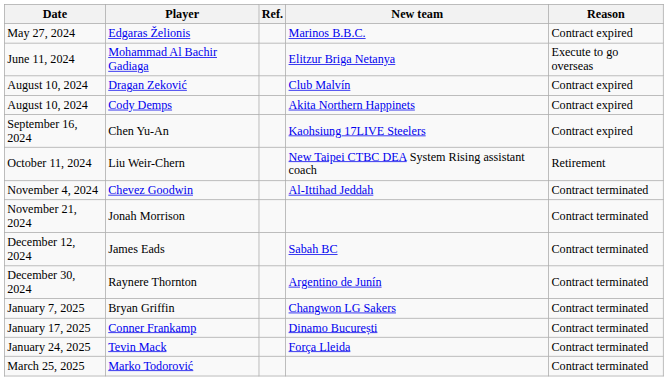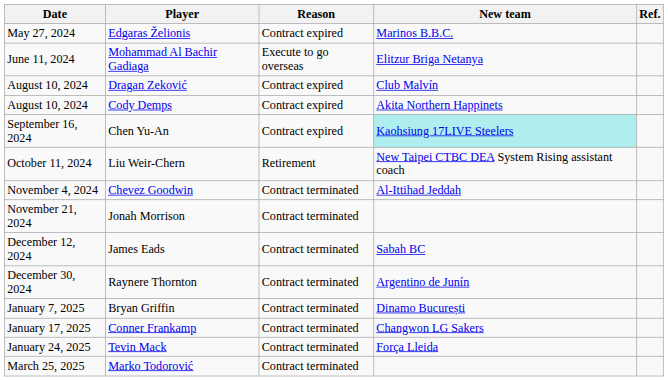 <table class="wikitable">
 <tr>
 <th>Date</th>
 <th>Player</th>
+<th>Reason</th>
+<th>New team</th>
 <th>Ref.</th>
-<th>New team</th>
-<th>Reason</th>
 </tr>
 <tr>
 <td>May 27, 2024</td>
 <td><a href='#'>Edgaras Želionis</a></td>
+<td>Contract expired</td>
+<td> <a href='#'>Marinos B.B.C.</a></td>
 <td></td>
-<td> <a href='#'>Marinos B.B.C.</a></td>
-<td>Contract expired</td>
 </tr>
 <tr>
 <td>June 11, 2024</td>
 <td><a href='#'>Mohammad Al Bachir Gadiaga</a></td>
+<td>Execute to go overseas</td>
+<td> <a href='#'>Elitzur Briga Netanya</a></td>
 <td></td>
-<td> <a href='#'>Elitzur Briga Netanya</a></td>
-<td>Execute to go overseas</td>
 </tr>
 <tr>
 <td>August 10, 2024</td>
 <td><a href='#'>Dragan Zeković</a></td>
+<td>Contract expired</td>
+<td> <a href='#'>Club Malvín</a></td>
 <td></td>
-<td> <a href='#'>Club Malvín</a></td>
-<td>Contract expired</td>
 </tr>
 <tr>
 <td>August 10, 2024</td>
 <td><a href='#'>Cody Demps</a></td>
+<td>Contract expired</td>
+<td> <a href='#'>Akita Northern Happinets</a></td>
 <td></td>
-<td> <a href='#'>Akita Northern Happinets</a></td>
-<td>Contract expired</td>
 </tr>
 <tr>
 <td>September 16, 2024</td>
 <td>Chen Yu-An</td>
+<td>Contract expired</td>
+<td style="background: paleturquoise;"> <a href='#'>Kaohsiung 17LIVE Steelers</a></td>
 <td></td>
-<td> <a href='#'>Kaohsiung 17LIVE Steelers</a></td>
-<td>Contract expired</td>
 </tr>
 <tr>
 <td>October 11, 2024</td>
 <td>Liu Weir-Chern</td>
+<td>Retirement</td>
+<td> <a href='#'>New Taipei CTBC DEA</a> System Rising assistant coach</td>
 <td></td>
-<td> <a href='#'>New Taipei CTBC DEA</a> System Rising assistant coach</td>
-<td>Retirement</td>
 </tr>
 <tr>
 <td>November 4, 2024</td>
 <td><a href='#'>Chevez Goodwin</a></td>
+<td>Contract terminated</td>
+<td> <a href='#'>Al-Ittihad Jeddah</a></td>
 <td></td>
-<td> <a href='#'>Al-Ittihad Jeddah</a></td>
-<td>Contract terminated</td>
 </tr>
 <tr>
 <td>November 21, 2024</td>
 <td>Jonah Morrison</td>
+<td>Contract terminated</td>
 <td></td>
 <td></td>
-<td>Contract terminated</td>
 </tr>
 <tr>
 <td>December 12, 2024</td>
 <td>James Eads</td>
+<td>Contract terminated</td>
+<td> <a href='#'>Sabah BC</a></td>
 <td></td>
-<td> <a href='#'>Sabah BC</a></td>
-<td>Contract terminated</td>
 </tr>
 <tr>
 <td>December 30, 2024</td>
 <td>Raynere Thornton</td>
+<td>Contract terminated</td>
+<td> <a href='#'>Argentino de Junín</a></td>
 <td></td>
-<td> <a href='#'>Argentino de Junín</a></td>
-<td>Contract terminated</td>
 </tr>
 <tr>
 <td>January 7, 2025</td>
 <td>Bryan Griffin</td>
+<td>Contract terminated</td>
+<td> <a href='#'>Dinamo București</a></td>
 <td></td>
-<td> <a href='#'>Changwon LG Sakers</a></td>
-<td>Contract terminated</td>
 </tr>
 <tr>
 <td>January 17, 2025</td>
 <td><a href='#'>Conner Frankamp</a></td>
+<td>Contract terminated</td>
+<td> <a href='#'>Changwon LG Sakers</a></td>
 <td></td>
-<td> <a href='#'>Dinamo București</a></td>
-<td>Contract terminated</td>
 </tr>
 <tr>
 <td>January 24, 2025</td>
 <td><a href='#'>Tevin Mack</a></td>
+<td>Contract terminated</td>
+<td> <a href='#'>Força Lleida</a></td>
 <td></td>
-<td> <a href='#'>Força Lleida</a></td>
-<td>Contract terminated</td>
 </tr>
 <tr>
 <td>March 25, 2025</td>
 <td><a href='#'>Marko Todorović</a></td>
+<td>Contract terminated</td>
 <td></td>
 <td></td>
-<td>Contract terminated</td>
 </tr>
 </table>
